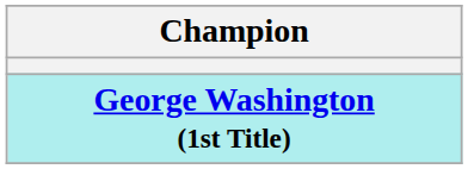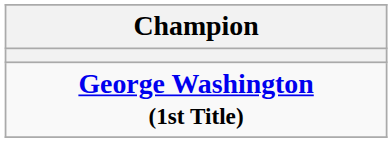 <table class="wikitable" style="margin: 0 auto; width: 220px;">
 <tr>
 <th>Champion</th>
 </tr>
 <tr>
 <th></th>
 </tr>
 <tr>
-<td align="center" style="background: paleturquoise;"><strong><a href='#'>George Washington</a></strong><br><small><strong>(1st Title)</strong></small></td>
+<td align="center"><strong><a href='#'>George Washington</a></strong><br><small><strong>(1st Title)</strong></small></td>
 </tr>
 </table>
